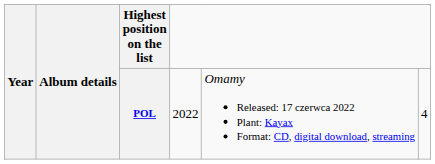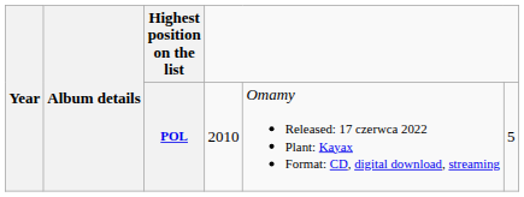 <table class="wikitable" style="text-align:center;">
 <tr>
 <th rowspan="2">Year</th>
 <th rowspan="2">Album details</th>
 <th>Highest position on the list</th>
 </tr>
 <tr>
 <th style="width:3em;font-size:85%;"><a href='#'>POL</a><br></th>
-<td>2022</td>
+<td>2010</td>
 <td align="left"><em>Omamy</em><br><ul><li><small>Released: 17 czerwca 2022</small></li><li><small>Plant: <a href='#'>Kayax</a></small></li><li><small>Format: <a href='#'>CD</a>, <a href='#'>digital download</a>, <a href='#'>streaming</a></small></li></ul></td>
-<td>4</td>
+<td>5</td>
 </tr>
 </table>
